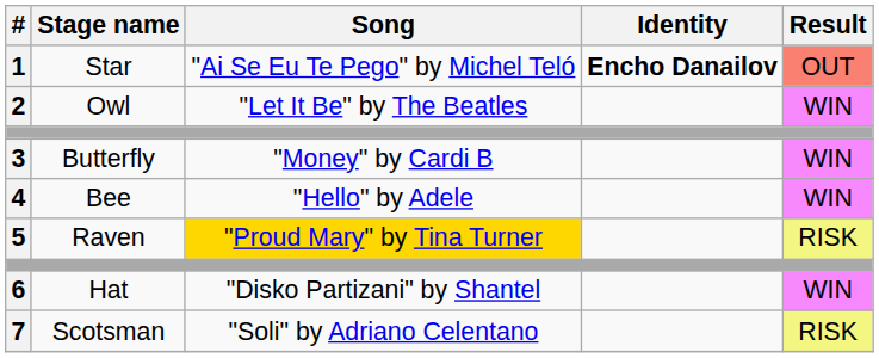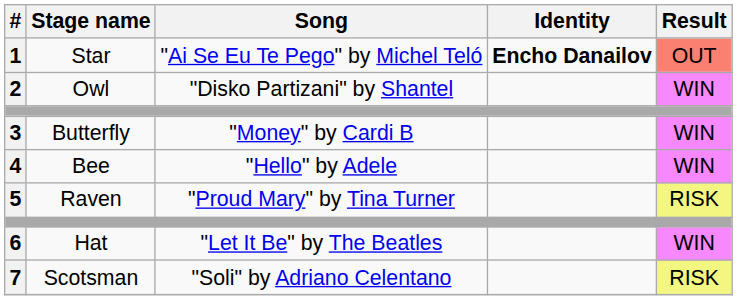 <table class="wikitable plainrowheaders" style="text-align: center;">
 <tr>
 <th>#</th>
 <th>Stage name</th>
 <th>Song</th>
 <th>Identity</th>
 <th>Result</th>
 </tr>
 <tr>
 <th>1</th>
 <td>Star</td>
 <td>"<a href='#'>Ai Se Eu Te Pego</a>" by <a href='#'>Michel Teló</a></td>
 <td><strong>Encho Danailov</strong></td>
 <td bgcolor=salmon>OUT</td>
 </tr>
 <tr>
 <th>2</th>
 <td>Owl</td>
-<td>"<a href='#'>Let It Be</a>" by <a href='#'>The Beatles</a></td>
+<td>"Disko Partizani" by <a href='#'>Shantel</a></td>
 <td></td>
 <td bgcolor="#F888FD">WIN</td>
 </tr>
 <tr>
 <td colspan="5" style="background:darkgray"></td>
 </tr>
 <tr>
 <th>3</th>
 <td>Butterfly</td>
 <td>"<a href='#'>Money</a>" by <a href='#'>Cardi B</a></td>
 <td></td>
 <td bgcolor="#F888FD">WIN</td>
 </tr>
 <tr>
 <th>4</th>
 <td>Bee</td>
 <td>"<a href='#'>Hello</a>" by <a href='#'>Adele</a></td>
 <td></td>
 <td bgcolor="#F888FD">WIN</td>
 </tr>
 <tr>
 <th>5</th>
 <td>Raven</td>
-<td style="background: gold;">"<a href='#'>Proud Mary</a>" by <a href='#'>Tina Turner</a></td>
+<td>"<a href='#'>Proud Mary</a>" by <a href='#'>Tina Turner</a></td>
 <td></td>
 <td bgcolor="#F3F781">RISK</td>
 </tr>
 <tr>
 <td colspan="5" style="background:darkgray"></td>
 </tr>
 <tr>
 <th>6</th>
 <td>Hat</td>
-<td>"Disko Partizani" by <a href='#'>Shantel</a></td>
+<td>"<a href='#'>Let It Be</a>" by <a href='#'>The Beatles</a></td>
 <td></td>
 <td bgcolor="#F888FD">WIN</td>
 </tr>
 <tr>
 <th>7</th>
 <td>Scotsman</td>
 <td>"Soli" by <a href='#'>Adriano Celentano</a></td>
 <td></td>
 <td bgcolor="#F3F781">RISK</td>
 </tr>
 <tr>
 </tr>
 </table>
